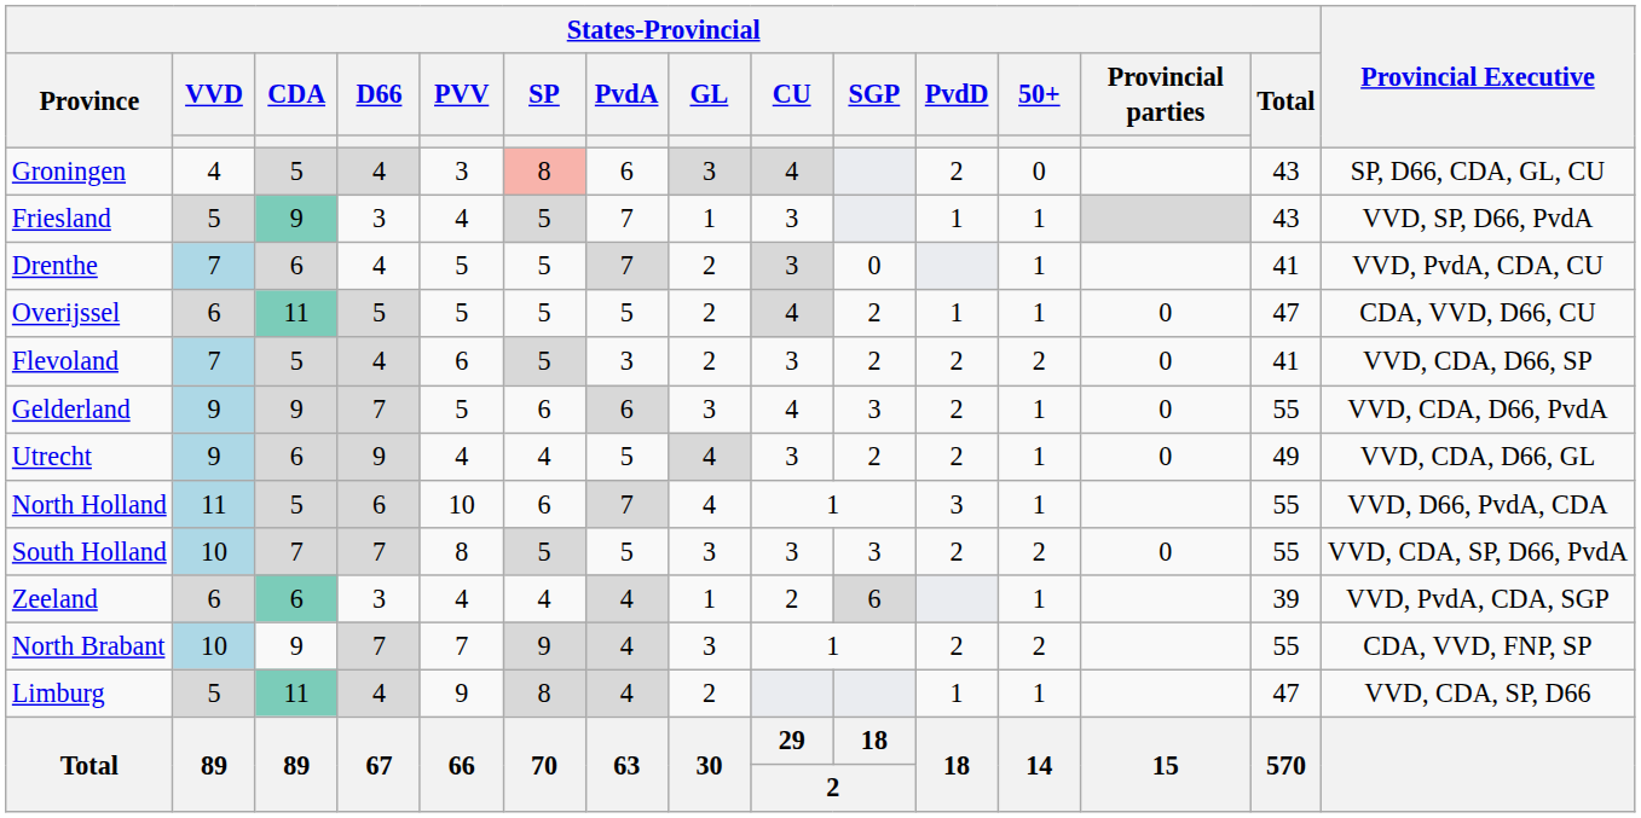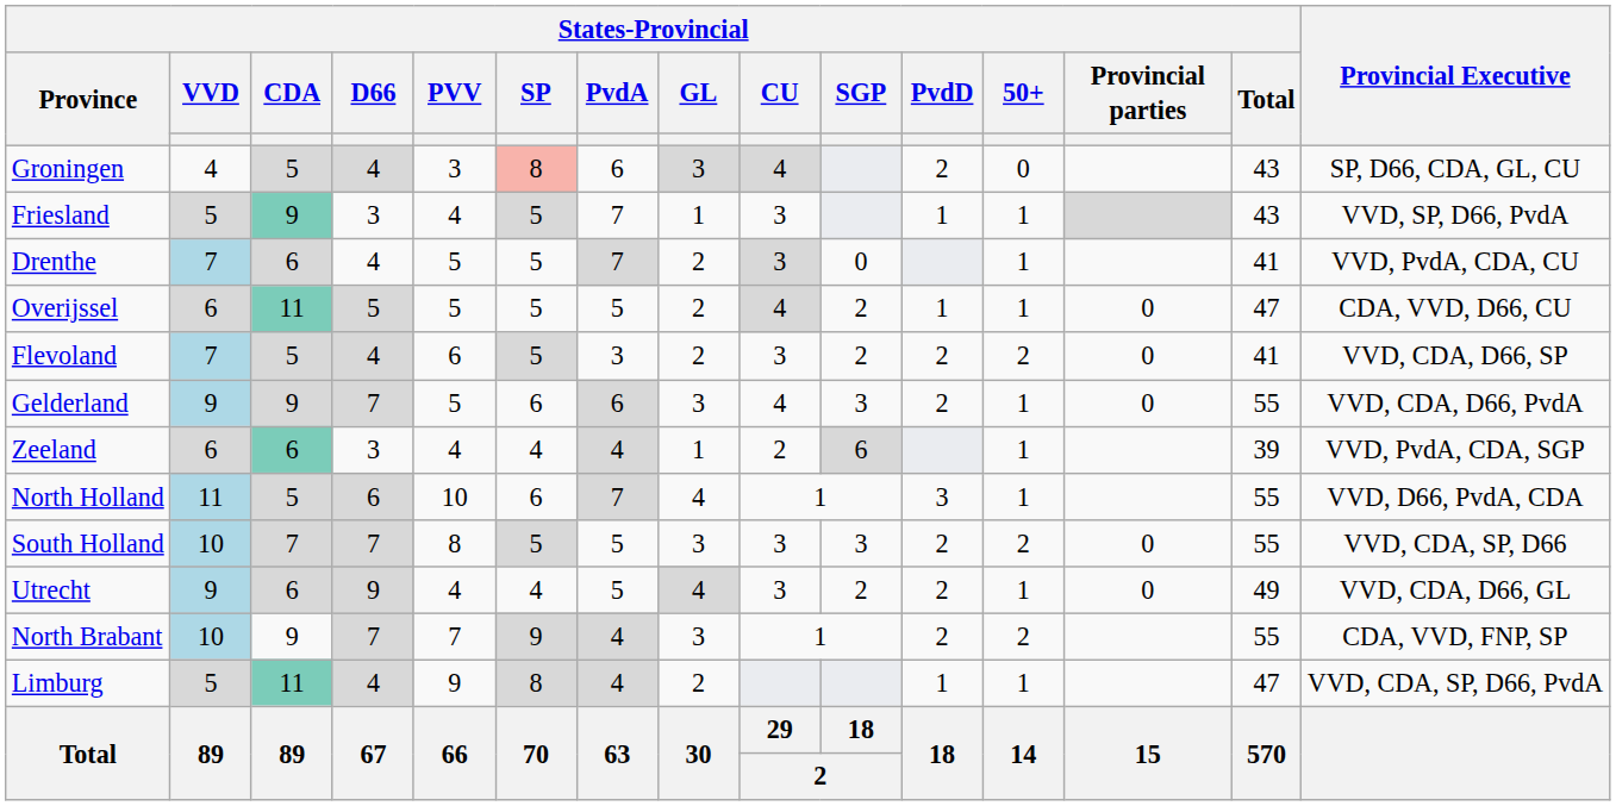 <table class="wikitable" style="text-align:center; font-size:95%; line-height:20px;">
 <tr>
 <th colspan="14"><a href='#'>States-Provincial</a></th>
 <th rowspan="3"><a href='#'>Provincial Executive</a></th>
 </tr>
 <tr>
 <th rowspan="2">Province</th>
 <th width="40"><a href='#'>VVD</a></th>
 <th width="40"><a href='#'>CDA</a></th>
 <th width="40"><a href='#'>D66</a></th>
 <th width="40"><a href='#'>PVV</a></th>
 <th width="40"><a href='#'>SP</a></th>
 <th width="40"><a href='#'>PvdA</a></th>
 <th width="40"><a href='#'>GL</a></th>
 <th width="40"><a href='#'>CU</a></th>
 <th width="40"><a href='#'>SGP</a></th>
 <th width="40"><a href='#'>PvdD</a></th>
 <th width="40"><a href='#'>50+</a></th>
 <th width="90">Provincial parties</th>
 <th rowspan="2">Total</th>
 </tr>
 <tr>
 <th style="color:inherit;background:"></th>
 <th style="color:inherit;background:"></th>
 <th style="color:inherit;background:"></th>
 <th style="color:inherit;background:"></th>
 <th style="color:inherit;background:"></th>
 <th style="color:inherit;background:"></th>
 <th style="color:inherit;background:"></th>
 <th style="color:inherit;background:"></th>
 <th style="color:inherit;background:"></th>
 <th style="color:inherit;background:"></th>
 <th style="color:inherit;background:"></th>
 <th style="color:inherit;background:"></th>
 </tr>
 <tr>
 <td align="left"><a href='#'>Groningen</a></td>
 <td>4</td>
 <td style="background:#D8D8D8">5</td>
 <td style="background:#D8D8D8">4</td>
 <td>3</td>
 <td style="background:#F8B3AB">8</td>
 <td>6</td>
 <td style="background:#D8D8D8">3</td>
 <td style="background:#D8D8D8">4</td>
 <td style="color:inherit;background:#eaecf0;"></td>
 <td>2</td>
 <td>0</td>
 <td></td>
 <td>43</td>
 <td>SP, D66, CDA, GL, CU</td>
 </tr>
 <tr>
 <td align="left"><a href='#'>Friesland</a></td>
 <td style="background:#D8D8D8">5</td>
 <td style="background:#7bccb9">9</td>
 <td>3</td>
 <td>4</td>
 <td style="background:#D8D8D8">5</td>
 <td>7</td>
 <td>1</td>
 <td>3</td>
 <td style="color:inherit;background:#eaecf0;"></td>
 <td>1</td>
 <td>1</td>
 <td style="background:#D8D8D8"></td>
 <td>43</td>
 <td>VVD, SP, D66, PvdA</td>
 </tr>
 <tr>
 <td align="left"><a href='#'>Drenthe</a></td>
 <td style="background:lightblue">7</td>
 <td style="background:#D8D8D8">6</td>
 <td>4</td>
 <td>5</td>
 <td>5</td>
 <td style="background:#D8D8D8">7</td>
 <td>2</td>
 <td style="background:#D8D8D8">3</td>
 <td>0</td>
 <td style="color:inherit;background:#eaecf0;"></td>
 <td>1</td>
 <td></td>
 <td>41</td>
 <td>VVD, PvdA, CDA, CU</td>
 </tr>
 <tr>
 <td align="left"><a href='#'>Overijssel</a></td>
 <td style="background:#D8D8D8">6</td>
 <td style="background:#7bccb9">11</td>
 <td style="background:#D8D8D8">5</td>
 <td>5</td>
 <td>5</td>
 <td>5</td>
 <td>2</td>
 <td style="background:#D8D8D8">4</td>
 <td>2</td>
 <td>1</td>
 <td>1</td>
 <td>0</td>
 <td>47</td>
 <td>CDA, VVD, D66, CU</td>
 </tr>
 <tr>
 <td align="left"><a href='#'>Flevoland</a></td>
 <td style="background:lightblue">7</td>
 <td style="background:#D8D8D8">5</td>
 <td style="background:#D8D8D8">4</td>
 <td>6</td>
 <td style="background:#D8D8D8">5</td>
 <td>3</td>
 <td>2</td>
 <td>3</td>
 <td>2</td>
 <td>2</td>
 <td>2</td>
 <td>0</td>
 <td>41</td>
 <td>VVD, CDA, D66, SP</td>
 </tr>
 <tr>
 <td align="left"><a href='#'>Gelderland</a></td>
 <td style="background:lightblue">9</td>
 <td style="background:#D8D8D8">9</td>
 <td style="background:#D8D8D8">7</td>
 <td>5</td>
 <td>6</td>
 <td style="background:#D8D8D8">6</td>
 <td>3</td>
 <td>4</td>
 <td>3</td>
 <td>2</td>
 <td>1</td>
 <td>0</td>
 <td>55</td>
 <td>VVD, CDA, D66, PvdA</td>
 </tr>
 <tr>
-<td align="left"><a href='#'>Utrecht</a></td>
-<td style="background:lightblue">9</td>
+<td align="left"><a href='#'>Zeeland</a></td>
 <td style="background:#D8D8D8">6</td>
-<td style="background:#D8D8D8">9</td>
+<td style="background:#7bccb9">6</td>
+<td>3</td>
 <td>4</td>
 <td>4</td>
-<td>5</td>
 <td style="background:#D8D8D8">4</td>
-<td>3</td>
+<td>1</td>
 <td>2</td>
-<td>2</td>
+<td style="background:#D8D8D8">6</td>
+<td style="color:inherit;background:#eaecf0;"></td>
 <td>1</td>
-<td>0</td>
-<td>49</td>
-<td>VVD, CDA, D66, GL</td>
+<td></td>
+<td>39</td>
+<td>VVD, PvdA, CDA, SGP</td>
 </tr>
 <tr>
 <td align="left"><a href='#'>North Holland</a></td>
 <td style="background:lightblue">11</td>
 <td style="background:#D8D8D8">5</td>
 <td style="background:#D8D8D8">6</td>
 <td>10</td>
 <td>6</td>
 <td style="background:#D8D8D8">7</td>
 <td>4</td>
 <td colspan=2>1</td>
 <td>3</td>
 <td>1</td>
 <td></td>
 <td>55</td>
 <td>VVD, D66, PvdA, CDA</td>
 </tr>
 <tr>
 <td align="left"><a href='#'>South Holland</a></td>
 <td style="background:lightblue">10</td>
 <td style="background:#D8D8D8">7</td>
 <td style="background:#D8D8D8">7</td>
 <td>8</td>
 <td style="background:#D8D8D8">5</td>
 <td>5</td>
 <td>3</td>
 <td>3</td>
 <td>3</td>
 <td>2</td>
 <td>2</td>
 <td>0</td>
 <td>55</td>
-<td>VVD, CDA, SP, D66, PvdA</td>
+<td>VVD, CDA, SP, D66</td>
 </tr>
 <tr>
-<td align="left"><a href='#'>Zeeland</a></td>
+<td align="left"><a href='#'>Utrecht</a></td>
+<td style="background:lightblue">9</td>
 <td style="background:#D8D8D8">6</td>
-<td style="background:#7bccb9">6</td>
-<td>3</td>
+<td style="background:#D8D8D8">9</td>
 <td>4</td>
 <td>4</td>
+<td>5</td>
 <td style="background:#D8D8D8">4</td>
+<td>3</td>
+<td>2</td>
+<td>2</td>
 <td>1</td>
-<td>2</td>
-<td style="background:#D8D8D8">6</td>
-<td style="color:inherit;background:#eaecf0;"></td>
-<td>1</td>
-<td></td>
-<td>39</td>
-<td>VVD, PvdA, CDA, SGP</td>
+<td>0</td>
+<td>49</td>
+<td>VVD, CDA, D66, GL</td>
 </tr>
 <tr>
 <td align="left"><a href='#'>North Brabant</a></td>
 <td style="background:lightblue">10</td>
 <td>9</td>
 <td style="background:#D8D8D8">7</td>
 <td>7</td>
 <td style="background:#D8D8D8">9</td>
 <td style="background:#D8D8D8">4</td>
 <td>3</td>
 <td colspan=2>1</td>
 <td>2</td>
 <td>2</td>
 <td></td>
 <td>55</td>
 <td>CDA, VVD, FNP, SP</td>
 </tr>
 <tr>
 <td align="left"><a href='#'>Limburg</a></td>
 <td style="background:#D8D8D8">5</td>
 <td style="background:#7bccb9">11</td>
 <td style="background:#D8D8D8">4</td>
 <td>9</td>
 <td style="background:#D8D8D8">8</td>
 <td style="background:#D8D8D8">4</td>
 <td>2</td>
 <td style="color:inherit;background:#eaecf0;"></td>
 <td style="color:inherit;background:#eaecf0;"></td>
 <td>1</td>
 <td>1</td>
 <td></td>
 <td>47</td>
-<td>VVD, CDA, SP, D66</td>
+<td>VVD, CDA, SP, D66, PvdA</td>
 </tr>
 <tr>
 <th rowspan="2">Total</th>
 <th rowspan="2">89</th>
 <th rowspan="2">89</th>
 <th rowspan="2">67</th>
 <th rowspan="2">66</th>
 <th rowspan="2">70</th>
 <th rowspan="2">63</th>
 <th rowspan="2">30</th>
 <th>29</th>
 <th>18</th>
 <th rowspan="2">18</th>
 <th rowspan="2">14</th>
 <th rowspan="2">15</th>
 <th rowspan="2">570</th>
 <th rowspan="2"></th>
 </tr>
 <tr>
 <th colspan="2">2</th>
 </tr>
 </table>
